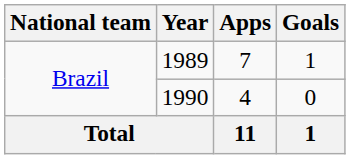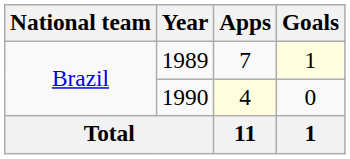 <table class="wikitable" style="text-align:center">
 <tr>
 <th>National team</th>
 <th>Year</th>
 <th>Apps</th>
 <th>Goals</th>
 </tr>
 <tr>
 <td rowspan="2"><a href='#'>Brazil</a></td>
 <td>1989</td>
 <td>7</td>
-<td>1</td>
+<td style="background: lightyellow;">1</td>
 </tr>
 <tr>
 <td>1990</td>
-<td>4</td>
+<td style="background: lightyellow;">4</td>
 <td>0</td>
 </tr>
 <tr>
 <th colspan="2">Total</th>
 <th>11</th>
 <th>1</th>
 </tr>
 </table>
